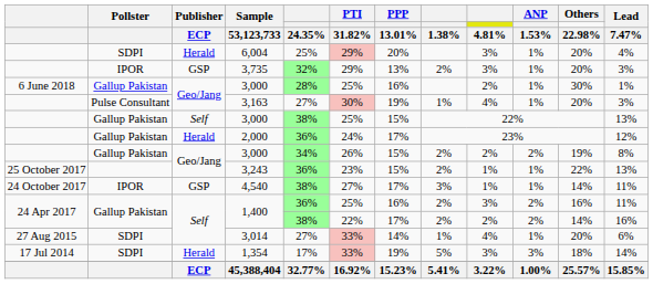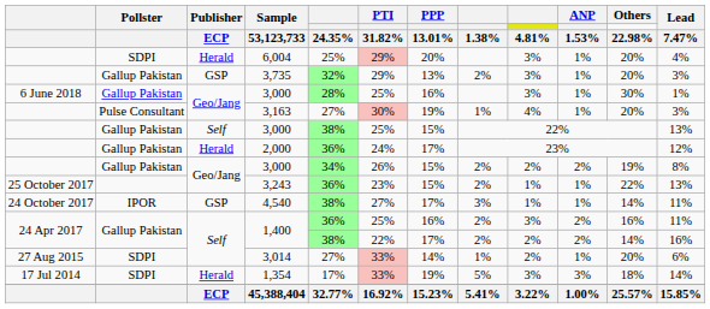 <table class="wikitable sortable" style="text-align:center;font-size:90%;line-height:14px">
 <tr>
 <th rowspan="2"></th>
 <th rowspan="2">Pollster</th>
 <th rowspan=2>Publisher</th>
 <th rowspan="2">Sample</th>
 <th style="width:50px;" class="unsortable"></th>
 <th style="width:50px;" class="unsortable"><a href='#'>PTI</a></th>
 <th style="width:50px;" class="unsortable"><a href='#'>PPP</a></th>
 <th style="width:50px;" class="unsortable"></th>
 <th style="width:50px;" class="unsortable"></th>
 <th style="width:50px;" class="unsortable"><a href='#'>ANP</a></th>
 <th style="width:50px;" class="unsortable">Others</th>
 <th class="unsortable" style="width:20px;" rowspan="2">Lead</th>
 </tr>
 <tr>
 <th data-sort-type="number" style="background:"></th>
 <th data-sort-type="number" style="background:"></th>
 <th data-sort-type="number" style="background:"></th>
 <th data-sort-type="number" style="background:"></th>
 <th data-sort-type="number" style="background:#E3E80F;"></th>
 <th data-sort-type="number" style="background:"></th>
 </tr>
 <tr class=sortbottom style="background:#f2f2f2; font-weight:bold">
 <th></th>
 <th></th>
 <th><a href='#'>ECP</a></th>
 <th>53,123,733</th>
 <td>24.35%</td>
 <td style="background:">31.82%</td>
 <td>13.01%</td>
 <td>1.38%</td>
 <td>4.81%</td>
 <td>1.53%</td>
 <td>22.98%</td>
 <td style="background:">7.47%</td>
 </tr>
 <tr>
 <td></td>
 <td>SDPI</td>
 <td><a href='#'>Herald</a></td>
 <td>6,004</td>
 <td>25%</td>
 <td style="background:rgb(248, 193, 190)">29%</td>
 <td>20%</td>
 <td></td>
 <td>3%</td>
 <td>1%</td>
 <td>20%</td>
 <td style="background:">4%</td>
 </tr>
 <tr>
 <td></td>
-<td>IPOR</td>
+<td>Gallup Pakistan</td>
 <td>GSP</td>
 <td>3,735</td>
 <td style="background: rgb(153, 255, 153);">32%</td>
 <td>29%</td>
 <td>13%</td>
 <td>2%</td>
 <td>3%</td>
 <td>1%</td>
 <td>20%</td>
 <td style="background:">3%</td>
 </tr>
 <tr>
 <td>6 June 2018</td>
 <td><a href='#'>Gallup Pakistan</a></td>
 <td rowspan=2><a href='#'>Geo/Jang</a></td>
 <td>3,000</td>
 <td style="background: rgb(153, 255, 153);">28%</td>
 <td>25%</td>
 <td>16%</td>
 <td></td>
-<td>2%</td>
+<td>3%</td>
 <td>1%</td>
 <td>30%</td>
 <td style="background:">1%</td>
 </tr>
 <tr>
 <td></td>
 <td>Pulse Consultant</td>
 <td>3,163</td>
 <td>27%</td>
 <td style="background:rgb(248, 193, 190)">30%</td>
 <td>19%</td>
 <td>1%</td>
 <td>4%</td>
 <td>1%</td>
 <td>20%</td>
 <td style="background:">3%</td>
 </tr>
 <tr>
 <td></td>
 <td>Gallup Pakistan</td>
 <td><em>Self</em></td>
 <td>3,000</td>
 <td style="background: rgb(153, 255, 153);">38%</td>
 <td>25%</td>
 <td>15%</td>
 <td colspan="4">22%</td>
 <td style="background:">13%</td>
 </tr>
 <tr>
 <td></td>
 <td>Gallup Pakistan</td>
 <td><a href='#'>Herald</a></td>
 <td>2,000</td>
 <td style="background: rgb(153, 255, 153);">36%</td>
 <td>24%</td>
 <td>17%</td>
 <td colspan="4">23%</td>
 <td style="background:">12%</td>
 </tr>
 <tr>
 <td></td>
 <td>Gallup Pakistan</td>
 <td rowspan=2>Geo/Jang</td>
 <td>3,000</td>
 <td style="background: rgb(153, 255, 153);">34%</td>
 <td>26%</td>
 <td>15%</td>
 <td>2%</td>
 <td>2%</td>
 <td>2%</td>
 <td>19%</td>
 <td style="background:">8%</td>
 </tr>
 <tr>
 <td>25 October 2017</td>
 <td></td>
 <td>3,243</td>
 <td style="background: rgb(153, 255, 153);">36%</td>
 <td>23%</td>
 <td>15%</td>
 <td>2%</td>
 <td>1%</td>
 <td>1%</td>
 <td>22%</td>
 <td style="background:">13%</td>
 </tr>
 <tr>
 <td>24 October 2017</td>
 <td>IPOR</td>
 <td>GSP</td>
 <td>4,540</td>
 <td style="background: rgb(153, 255, 153);">38%</td>
 <td>27%</td>
 <td>17%</td>
 <td>3%</td>
 <td>1%</td>
 <td>1%</td>
 <td>14%</td>
 <td style="background:">11%</td>
 </tr>
 <tr>
 <td rowspan="2">24 Apr 2017</td>
 <td rowspan="2">Gallup Pakistan</td>
 <td rowspan=3><em>Self</em></td>
 <td rowspan="2">1,400</td>
 <td style="background: rgb(153, 255, 153);">36%</td>
 <td>25%</td>
 <td>16%</td>
 <td>2%</td>
 <td>3%</td>
 <td>2%</td>
 <td>16%</td>
 <td style="background:">11%</td>
 </tr>
 <tr>
 <td style="background: rgb(153, 255, 153);">38%</td>
 <td>22%</td>
 <td>17%</td>
 <td>2%</td>
 <td>2%</td>
 <td>2%</td>
 <td>14%</td>
 <td style="background:">16%</td>
 </tr>
 <tr>
 <td>27 Aug 2015</td>
 <td>SDPI</td>
 <td>3,014</td>
 <td>27%</td>
 <td style="background:rgb(248, 193, 190)">33%</td>
 <td>14%</td>
 <td>1%</td>
-<td>4%</td>
+<td>2%</td>
 <td>1%</td>
 <td>20%</td>
 <td style="background:">6%</td>
 </tr>
 <tr>
 <td>17 Jul 2014</td>
 <td>SDPI</td>
 <td><a href='#'>Herald</a></td>
 <td>1,354</td>
 <td>17%</td>
 <td style="background:rgb(248, 193, 190)">33%</td>
 <td>19%</td>
 <td>5%</td>
 <td>3%</td>
 <td>3%</td>
 <td>18%</td>
 <td style="background:">14%</td>
 </tr>
 <tr>
 </tr>
 <tr class=sortbottom style="background:#f2f2f2; font-weight:bold">
 <th></th>
 <th></th>
 <th><a href='#'>ECP</a></th>
 <th>45,388,404</th>
 <td style="background:"><strong>32.77%</strong></td>
 <td><strong>16.92%</strong></td>
 <td><strong>15.23%</strong></td>
 <td><strong>5.41%</strong></td>
 <td><strong>3.22%</strong></td>
 <td><strong>1.00%</strong></td>
 <td><strong>25.57%</strong></td>
 <td style="background:"><strong>15.85%</strong></td>
 </tr>
 </table>
